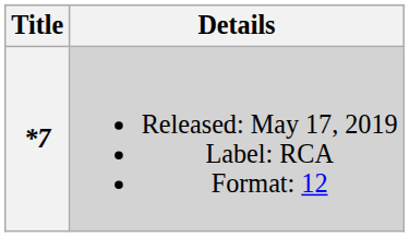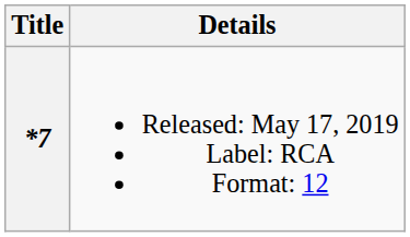 <table class="wikitable plainrowheaders" style="text-align:center;">
 <tr>
 <th scope="col">Title</th>
 <th scope="col">Details</th>
 </tr>
 <tr>
 <th scope="row"><em>*7</em></th>
-<td style="background: lightgrey;"><br><ul><li>Released: May 17, 2019</li><li>Label: RCA</li><li>Format: <a href='#'>12</a></li></ul></td>
+<td><br><ul><li>Released: May 17, 2019</li><li>Label: RCA</li><li>Format: <a href='#'>12</a></li></ul></td>
 </tr>
 </table>
